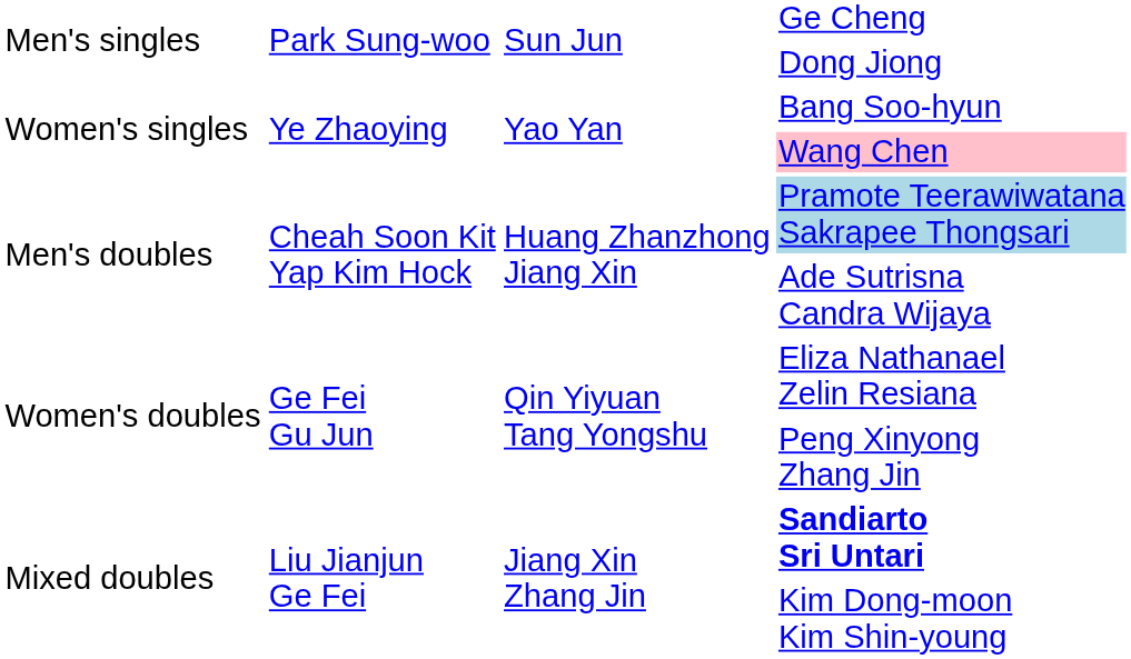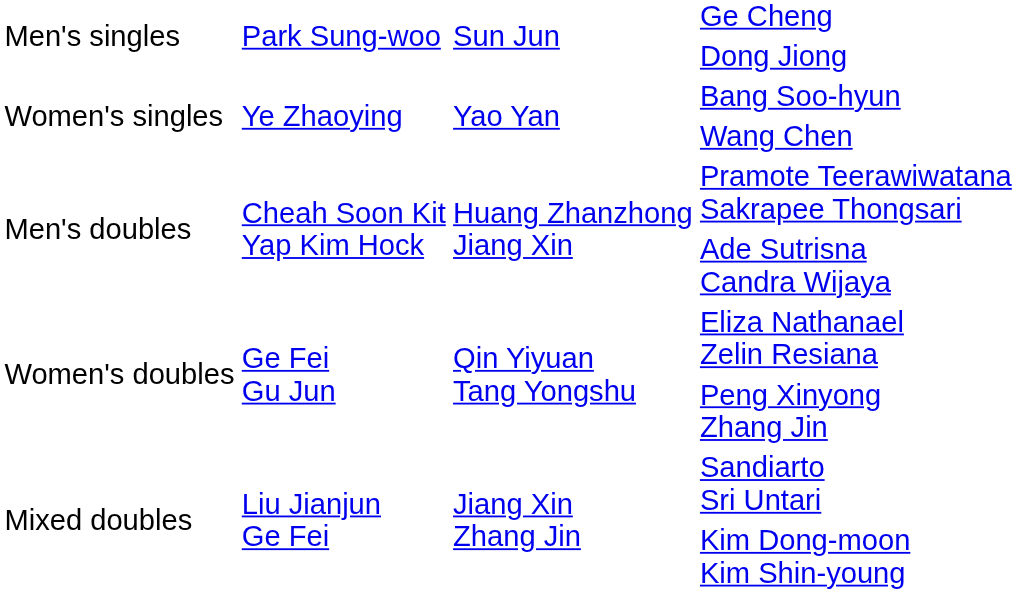 <table>
 <tr>
 <td rowspan="2">Men's singles</td>
 <td rowspan="2"> <a href='#'>Park Sung-woo</a></td>
 <td rowspan="2"> <a href='#'>Sun Jun</a></td>
 <td> <a href='#'>Ge Cheng</a></td>
 </tr>
 <tr>
 <td> <a href='#'>Dong Jiong</a></td>
 </tr>
 <tr>
 <td rowspan="2">Women's singles</td>
 <td rowspan="2"> <a href='#'>Ye Zhaoying</a></td>
 <td rowspan="2"> <a href='#'>Yao Yan</a></td>
 <td> <a href='#'>Bang Soo-hyun</a></td>
 </tr>
 <tr>
-<td style="background: pink;"> <a href='#'>Wang Chen</a></td>
+<td> <a href='#'>Wang Chen</a></td>
 </tr>
 <tr>
 <td rowspan="2">Men's doubles</td>
 <td rowspan="2"> <a href='#'>Cheah Soon Kit</a> <br>  <a href='#'>Yap Kim Hock</a></td>
 <td rowspan="2"> <a href='#'>Huang Zhanzhong</a> <br>  <a href='#'>Jiang Xin</a></td>
-<td style="background: lightblue;"> <a href='#'>Pramote Teerawiwatana</a> <br>  <a href='#'>Sakrapee Thongsari</a></td>
+<td> <a href='#'>Pramote Teerawiwatana</a> <br>  <a href='#'>Sakrapee Thongsari</a></td>
 </tr>
 <tr>
 <td> <a href='#'>Ade Sutrisna</a> <br>  <a href='#'>Candra Wijaya</a></td>
 </tr>
 <tr>
 <td rowspan="2">Women's doubles</td>
 <td rowspan="2"> <a href='#'>Ge Fei</a> <br>  <a href='#'>Gu Jun</a></td>
 <td rowspan="2"> <a href='#'>Qin Yiyuan</a> <br>  <a href='#'>Tang Yongshu</a></td>
 <td> <a href='#'>Eliza Nathanael</a> <br>  <a href='#'>Zelin Resiana</a></td>
 </tr>
 <tr>
 <td> <a href='#'>Peng Xinyong</a> <br>  <a href='#'>Zhang Jin</a></td>
 </tr>
 <tr>
 <td rowspan="2">Mixed doubles</td>
 <td rowspan="2"> <a href='#'>Liu Jianjun</a> <br>  <a href='#'>Ge Fei</a></td>
 <td rowspan="2"> <a href='#'>Jiang Xin</a> <br>  <a href='#'>Zhang Jin</a></td>
-<td><strong> <a href='#'>Sandiarto</a> <br>  <a href='#'>Sri Untari</a></strong></td>
+<td> <a href='#'>Sandiarto</a> <br>  <a href='#'>Sri Untari</a></td>
 </tr>
 <tr>
 <td> <a href='#'>Kim Dong-moon</a> <br>  <a href='#'>Kim Shin-young</a></td>
 </tr>
 </table>
